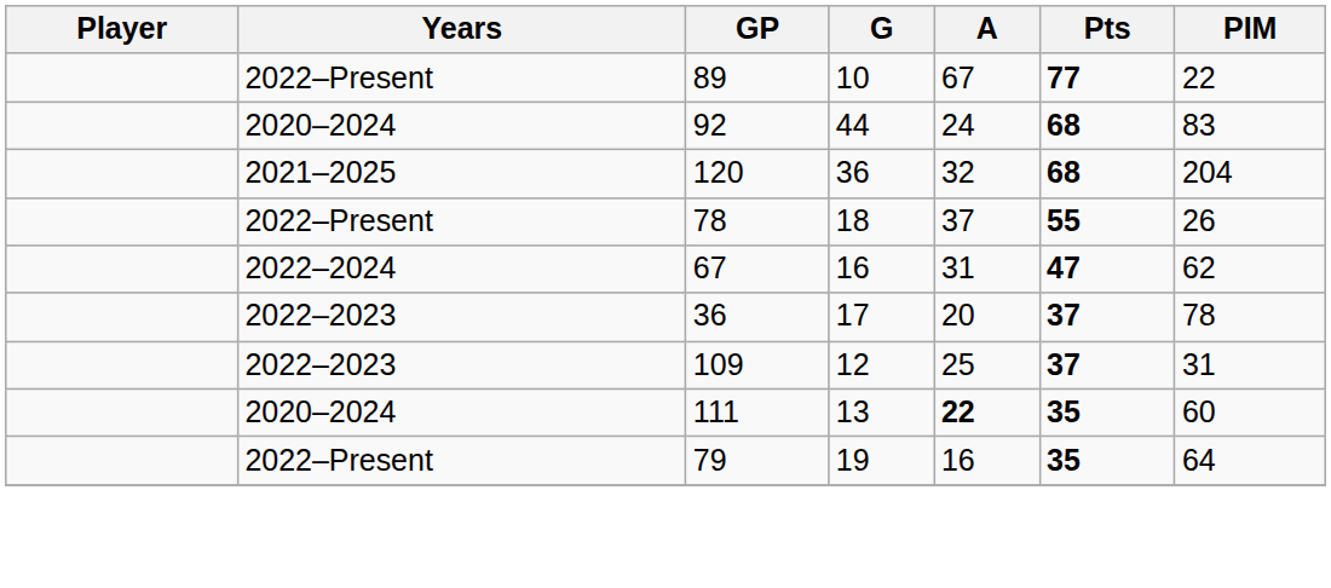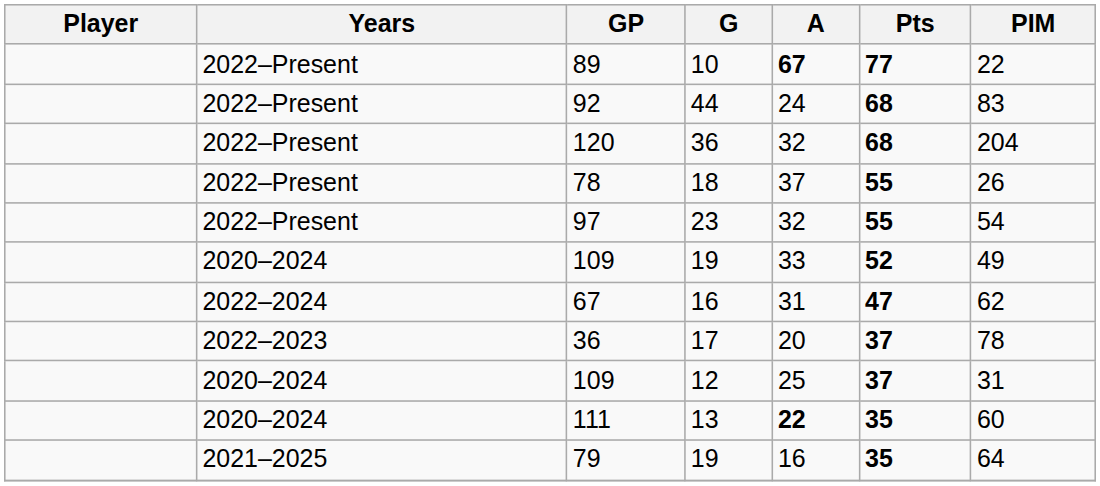 <table class="wikitable sortable" width ="700" cellpadding="1" border="1" cellspacing="0">
 <tr>
 <th>Player</th>
 <th>Years</th>
 <th>GP</th>
 <th>G</th>
 <th>A</th>
 <th>Pts</th>
 <th>PIM</th>
 </tr>
 <tr>
 <td></td>
 <td>2022–Present</td>
 <td>89</td>
 <td>10</td>
-<td>67</td>
+<td><strong>67</strong></td>
 <td><strong>77</strong></td>
 <td>22</td>
 </tr>
 <tr>
 <td></td>
-<td>2020–2024</td>
+<td>2022–Present</td>
 <td>92</td>
 <td>44</td>
 <td>24</td>
 <td><strong>68</strong></td>
 <td>83</td>
 </tr>
 <tr>
 <td></td>
-<td>2021–2025</td>
+<td>2022–Present</td>
 <td>120</td>
 <td>36</td>
 <td>32</td>
 <td><strong>68</strong></td>
 <td>204</td>
 </tr>
 <tr>
 <td></td>
 <td>2022–Present</td>
 <td>78</td>
 <td>18</td>
 <td>37</td>
 <td><strong>55</strong></td>
 <td>26</td>
+</tr>
+<tr>
+<td></td>
+<td>2022–Present</td>
+<td>97</td>
+<td>23</td>
+<td>32</td>
+<td><strong>55</strong></td>
+<td>54</td>
+</tr>
+<tr>
+<td></td>
+<td>2020–2024</td>
+<td>109</td>
+<td>19</td>
+<td>33</td>
+<td><strong>52</strong></td>
+<td>49</td>
 </tr>
 <tr>
 <td></td>
 <td>2022–2024</td>
 <td>67</td>
 <td>16</td>
 <td>31</td>
 <td><strong>47</strong></td>
 <td>62</td>
 </tr>
 <tr>
 <td></td>
 <td>2022–2023</td>
 <td>36</td>
 <td>17</td>
 <td>20</td>
 <td><strong>37</strong></td>
 <td>78</td>
 </tr>
 <tr>
 <td></td>
-<td>2022–2023</td>
+<td>2020–2024</td>
 <td>109</td>
 <td>12</td>
 <td>25</td>
 <td><strong>37</strong></td>
 <td>31</td>
 </tr>
 <tr>
 <td></td>
 <td>2020–2024</td>
 <td>111</td>
 <td>13</td>
 <td><strong>22</strong></td>
 <td><strong>35</strong></td>
 <td>60</td>
 </tr>
 <tr>
 <td></td>
-<td>2022–Present</td>
+<td>2021–2025</td>
 <td>79</td>
 <td>19</td>
 <td>16</td>
 <td><strong>35</strong></td>
 <td>64</td>
 </tr>
 <tr>
 </tr>
 </table>
